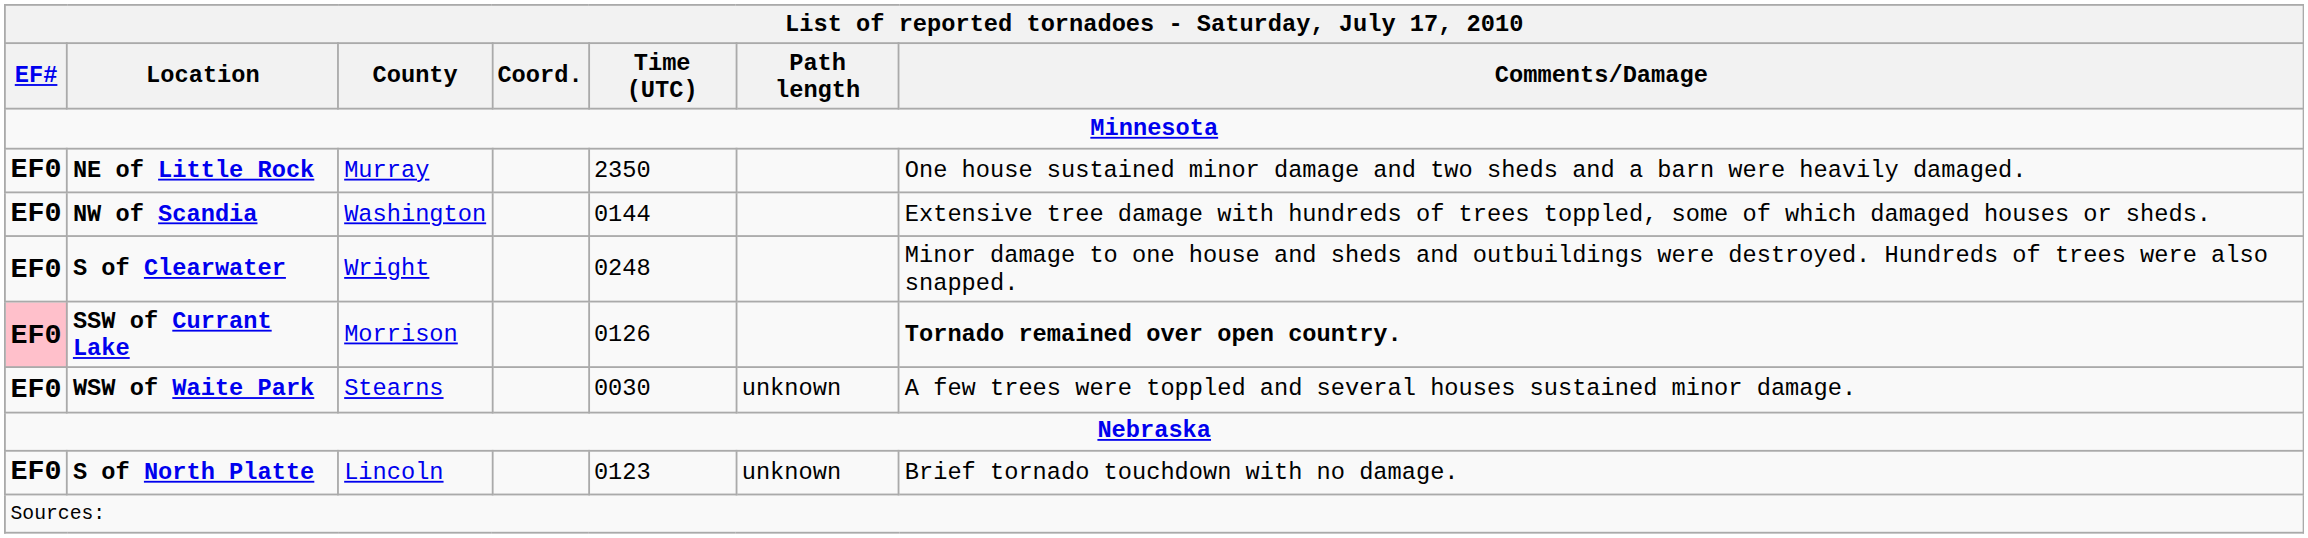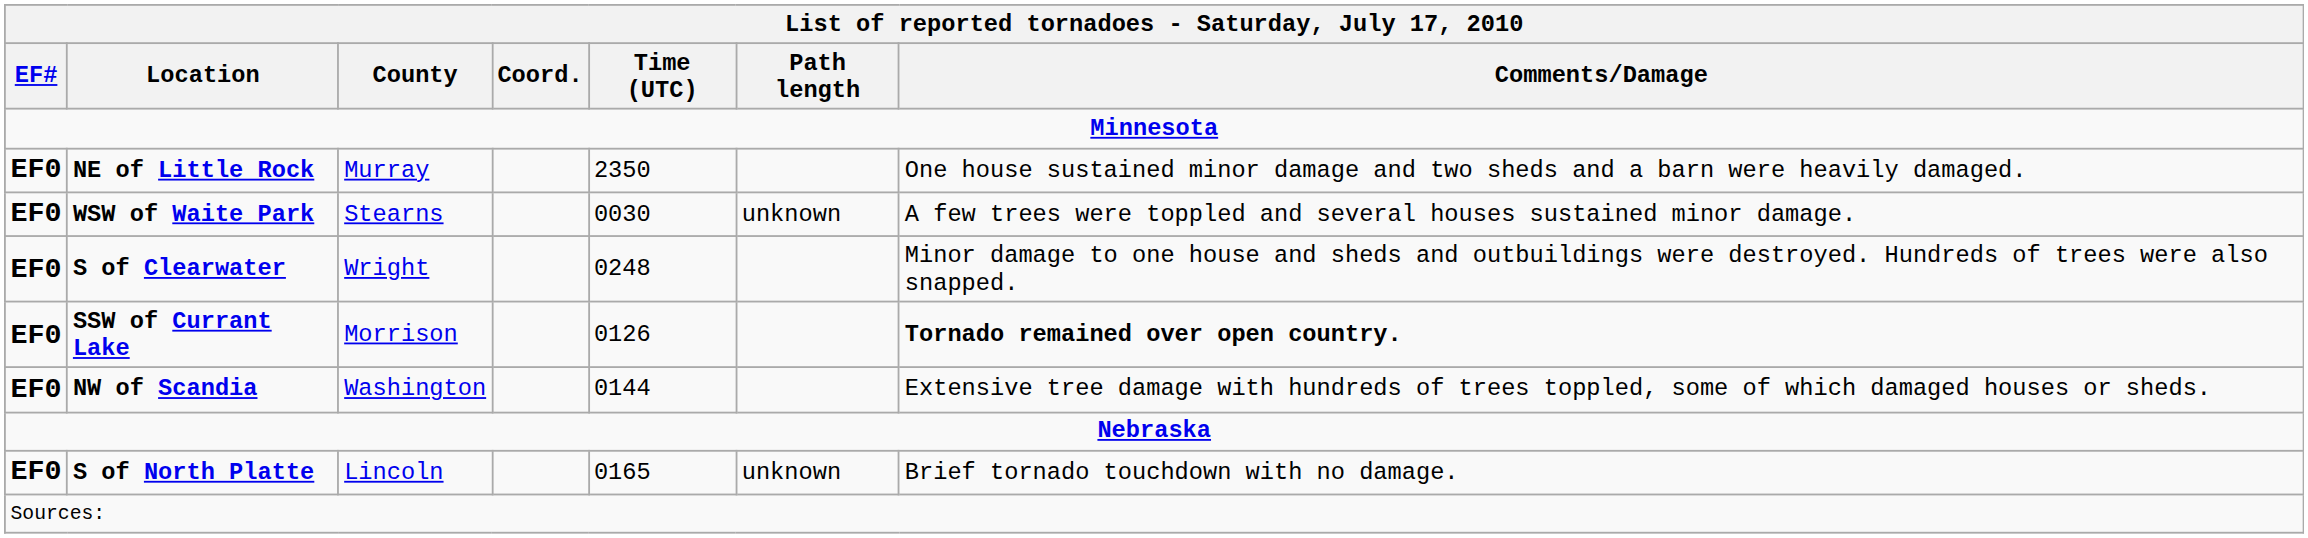 <table class="wikitable collapsible" style="width:100%;">
 <tr>
 <th colspan="7">List of reported tornadoes - Saturday, July 17, 2010</th>
 </tr>
 <tr>
 <th><a href='#'>EF#</a></th>
 <th>Location</th>
 <th>County</th>
 <th>Coord.</th>
 <th>Time (UTC)</th>
 <th>Path length</th>
 <th>Comments/Damage</th>
 </tr>
 <tr>
 <td colspan="7" style="text-align:center;"><strong><a href='#'>Minnesota</a></strong></td>
 </tr>
 <tr>
 <td><big><strong>EF0</strong></big></td>
 <td><strong>NE of <a href='#'>Little Rock</a></strong></td>
 <td><a href='#'>Murray</a></td>
 <td></td>
 <td>2350</td>
 <td></td>
 <td>One house sustained minor damage and two sheds and a barn were heavily damaged.</td>
 </tr>
 <tr>
 <td><big><strong>EF0</strong></big></td>
-<td><strong>NW of <a href='#'>Scandia</a></strong></td>
-<td><a href='#'>Washington</a></td>
+<td><strong>WSW of <a href='#'>Waite Park</a></strong></td>
+<td><a href='#'>Stearns</a></td>
 <td></td>
-<td>0144</td>
-<td></td>
-<td>Extensive tree damage with hundreds of trees toppled, some of which damaged houses or sheds.</td>
+<td>0030</td>
+<td>unknown</td>
+<td>A few trees were toppled and several houses sustained minor damage.</td>
 </tr>
 <tr>
 <td><big><strong>EF0</strong></big></td>
 <td><strong>S of <a href='#'>Clearwater</a></strong></td>
 <td><a href='#'>Wright</a></td>
 <td></td>
 <td>0248</td>
 <td></td>
 <td>Minor damage to one house and sheds and outbuildings were destroyed. Hundreds of trees were also snapped.</td>
 </tr>
 <tr>
-<td style="background: pink;"><big><strong>EF0</strong></big></td>
+<td><big><strong>EF0</strong></big></td>
 <td><strong>SSW of <a href='#'>Currant Lake</a></strong></td>
 <td><a href='#'>Morrison</a></td>
 <td></td>
 <td>0126</td>
 <td></td>
 <td><strong>Tornado remained over open country.</strong></td>
 </tr>
 <tr>
 <td><big><strong>EF0</strong></big></td>
-<td><strong>WSW of <a href='#'>Waite Park</a></strong></td>
-<td><a href='#'>Stearns</a></td>
+<td><strong>NW of <a href='#'>Scandia</a></strong></td>
+<td><a href='#'>Washington</a></td>
 <td></td>
-<td>0030</td>
-<td>unknown</td>
-<td>A few trees were toppled and several houses sustained minor damage.</td>
+<td>0144</td>
+<td></td>
+<td>Extensive tree damage with hundreds of trees toppled, some of which damaged houses or sheds.</td>
 </tr>
 <tr>
 <td colspan="7" style="text-align:center;"><strong><a href='#'>Nebraska</a></strong></td>
 </tr>
 <tr>
 <td><big><strong>EF0</strong></big></td>
 <td><strong>S of <a href='#'>North Platte</a></strong></td>
 <td><a href='#'>Lincoln</a></td>
 <td></td>
-<td>0123</td>
+<td>0165</td>
 <td>unknown</td>
 <td>Brief tornado touchdown with no damage.</td>
 </tr>
 <tr>
 <td colspan="7"><small>Sources: </small></td>
 </tr>
 </table>
